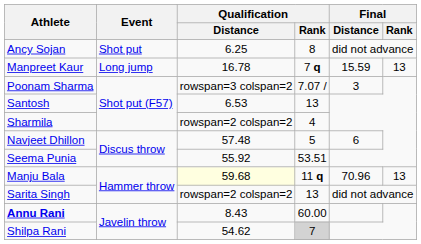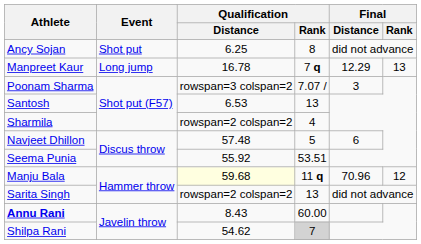 <table class="wikitable" style="font-size:90%; text-align:center">
 <tr>
 <th rowspan=2>Athlete</th>
 <th rowspan=2>Event</th>
 <th colspan=2>Qualification</th>
 <th colspan=2>Final</th>
 </tr>
 <tr style="font-size:95%">
 <th>Distance</th>
 <th>Rank</th>
 <th>Distance</th>
 <th>Rank</th>
 </tr>
 <tr>
 <td align=left><a href='#'>Ancy Sojan</a></td>
 <td align=left><a href='#'>Shot put</a></td>
 <td>6.25</td>
 <td>8</td>
 <td colspan=2>did not advance</td>
 </tr>
 <tr>
 <td align=left><a href='#'>Manpreet Kaur</a></td>
 <td align=left rowspan=1><a href='#'>Long jump</a></td>
 <td>16.78</td>
 <td>7 <strong>q</strong></td>
-<td>15.59</td>
+<td>12.29</td>
 <td>13</td>
 </tr>
 <tr>
 <td align=left><a href='#'>Poonam Sharma</a></td>
 <td align=left rowspan=3><a href='#'>Shot put (F57)</a></td>
 <td>rowspan=3 colspan=2 </td>
 <td>7.07 /</td>
 <td>3</td>
 </tr>
 <tr>
 <td align=left><a href='#'>Santosh</a></td>
 <td>6.53</td>
 <td>13</td>
 </tr>
 <tr>
 <td align=left><a href='#'>Sharmila</a></td>
 <td>rowspan=2 colspan=2 </td>
 <td>4</td>
 </tr>
 <tr>
 <td align=left><a href='#'>Navjeet Dhillon</a></td>
 <td align=left rowspan=2><a href='#'>Discus throw</a></td>
 <td>57.48</td>
 <td>5</td>
 <td>6</td>
 </tr>
 <tr>
 <td align=left><a href='#'>Seema Punia</a></td>
 <td>55.92</td>
 <td>53.51</td>
 </tr>
 <tr>
 <td align=left><a href='#'>Manju Bala</a></td>
 <td align=left rowspan=2><a href='#'>Hammer throw</a></td>
 <td style="background: lightyellow;">59.68</td>
 <td>11 <strong>q</strong></td>
 <td>70.96</td>
-<td>13</td>
+<td>12</td>
 </tr>
 <tr>
 <td align=left><a href='#'>Sarita Singh</a></td>
 <td>rowspan=2 colspan=2 </td>
 <td>13</td>
 <td colspan=2>did not advance</td>
 </tr>
 <tr>
 <td align=left><strong><a href='#'>Annu Rani</a></strong></td>
 <td align=left rowspan=2><a href='#'>Javelin throw</a></td>
 <td>8.43 </td>
 <td>60.00</td>
 <td></td>
 </tr>
 <tr>
 <td align=left><a href='#'>Shilpa Rani</a></td>
 <td>54.62</td>
 <td style="background: lightgrey;">7</td>
 </tr>
 </table>
